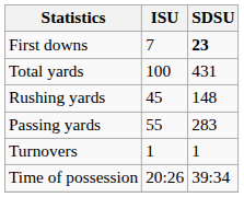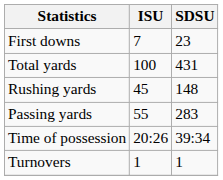 <table class="wikitable">
 <tr>
 <th>Statistics</th>
 <th>ISU</th>
 <th>SDSU</th>
 </tr>
 <tr>
 <td>First downs</td>
 <td>7</td>
-<td><strong>23</strong></td>
+<td>23</td>
 </tr>
 <tr>
 <td>Total yards</td>
 <td>100</td>
 <td>431</td>
 </tr>
 <tr>
 <td>Rushing yards</td>
 <td>45</td>
 <td>148</td>
 </tr>
 <tr>
 <td>Passing yards</td>
 <td>55</td>
 <td>283</td>
 </tr>
 <tr>
+<td>Time of possession</td>
+<td>20:26</td>
+<td>39:34</td>
+</tr>
+<tr>
 <td>Turnovers</td>
 <td>1</td>
 <td>1</td>
 </tr>
 <tr>
-<td>Time of possession</td>
-<td>20:26</td>
-<td>39:34</td>
-</tr>
-<tr>
 </tr>
 </table>
